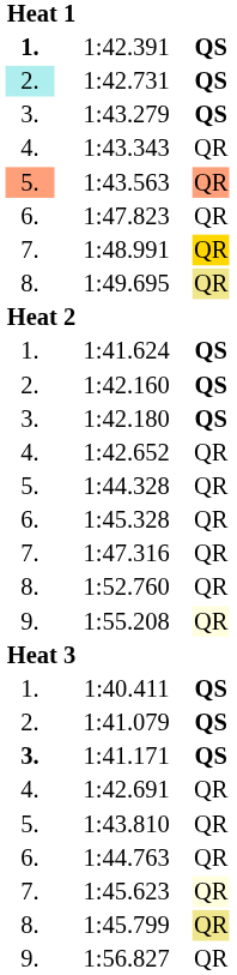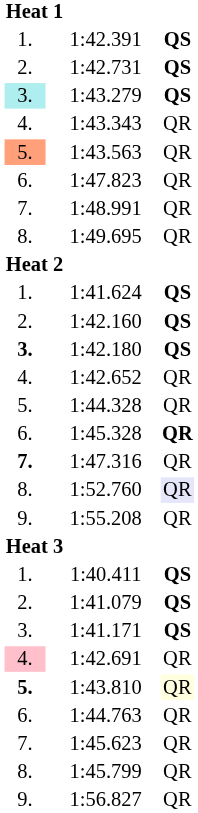 <table style="text-align:center">
 <tr>
 <td colspan=4 align=left><strong>Heat 1</strong></td>
 </tr>
 <tr>
-<td width=30><strong>1.</strong></td>
+<td width=30>1.</td>
 <td align=left></td>
 <td width=80>1:42.391</td>
 <td><strong>QS</strong></td>
 </tr>
 <tr>
-<td style="background: paleturquoise;">2.</td>
+<td>2.</td>
 <td align=left></td>
 <td>1:42.731</td>
 <td><strong>QS</strong></td>
 </tr>
 <tr>
-<td>3.</td>
+<td style="background: paleturquoise;">3.</td>
 <td align=left></td>
 <td>1:43.279</td>
 <td><strong>QS</strong></td>
 </tr>
 <tr>
 <td>4.</td>
 <td align=left></td>
 <td>1:43.343</td>
 <td>QR</td>
 </tr>
 <tr>
 <td style="background: lightsalmon;">5.</td>
 <td align=left></td>
 <td>1:43.563</td>
-<td style="background: lightsalmon;">QR</td>
+<td>QR</td>
 </tr>
 <tr>
 <td>6.</td>
 <td align=left></td>
 <td>1:47.823</td>
 <td>QR</td>
 </tr>
 <tr>
 <td>7.</td>
 <td align=left></td>
 <td>1:48.991</td>
-<td style="background: gold;">QR</td>
+<td>QR</td>
 </tr>
 <tr>
 <td>8.</td>
 <td align=left></td>
 <td>1:49.695</td>
-<td style="background: khaki;">QR</td>
+<td>QR</td>
 </tr>
 <tr>
 <td colspan=4 align=left><strong>Heat 2</strong></td>
 </tr>
 <tr>
 <td>1.</td>
 <td align=left></td>
 <td>1:41.624</td>
 <td><strong>QS</strong></td>
 </tr>
 <tr>
 <td>2.</td>
 <td align=left></td>
 <td>1:42.160</td>
 <td><strong>QS</strong></td>
 </tr>
 <tr>
-<td>3.</td>
+<td><strong>3.</strong></td>
 <td align=left></td>
 <td>1:42.180</td>
 <td><strong>QS</strong></td>
 </tr>
 <tr>
 <td>4.</td>
 <td align=left></td>
 <td>1:42.652</td>
 <td>QR</td>
 </tr>
 <tr>
 <td>5.</td>
 <td align=left></td>
 <td>1:44.328</td>
 <td>QR</td>
 </tr>
 <tr>
 <td>6.</td>
 <td align=left></td>
 <td>1:45.328</td>
-<td>QR</td>
+<td><strong>QR</strong></td>
 </tr>
 <tr>
-<td>7.</td>
+<td><strong>7.</strong></td>
 <td align=left></td>
 <td>1:47.316</td>
 <td>QR</td>
 </tr>
 <tr>
 <td>8.</td>
 <td align=left></td>
 <td>1:52.760</td>
-<td>QR</td>
+<td style="background: lavender;">QR</td>
 </tr>
 <tr>
 <td>9.</td>
 <td align=left></td>
 <td>1:55.208</td>
-<td style="background: lightyellow;">QR</td>
+<td>QR</td>
 </tr>
 <tr>
 <td colspan=4 align=left><strong>Heat 3</strong></td>
 </tr>
 <tr>
 <td>1.</td>
 <td align=left></td>
 <td>1:40.411</td>
 <td><strong>QS</strong></td>
 </tr>
 <tr>
 <td>2.</td>
 <td align=left></td>
 <td>1:41.079</td>
 <td><strong>QS</strong></td>
 </tr>
 <tr>
-<td><strong>3.</strong></td>
+<td>3.</td>
 <td align=left></td>
 <td>1:41.171</td>
 <td><strong>QS</strong></td>
 </tr>
 <tr>
-<td>4.</td>
+<td style="background: pink;">4.</td>
 <td align=left></td>
 <td>1:42.691</td>
 <td>QR</td>
 </tr>
 <tr>
-<td>5.</td>
+<td><strong>5.</strong></td>
 <td align=left></td>
 <td>1:43.810</td>
-<td>QR</td>
+<td style="background: lightyellow;">QR</td>
 </tr>
 <tr>
 <td>6.</td>
 <td align=left></td>
 <td>1:44.763</td>
 <td>QR</td>
 </tr>
 <tr>
 <td>7.</td>
 <td align=left></td>
 <td>1:45.623</td>
-<td style="background: lightyellow;">QR</td>
+<td>QR</td>
 </tr>
 <tr>
 <td>8.</td>
 <td align=left></td>
 <td>1:45.799</td>
-<td style="background: khaki;">QR</td>
+<td>QR</td>
 </tr>
 <tr>
 <td>9.</td>
 <td align=left></td>
 <td>1:56.827</td>
 <td>QR</td>
 </tr>
 </table>
